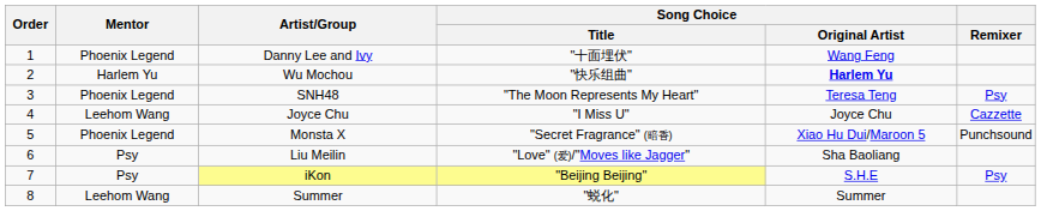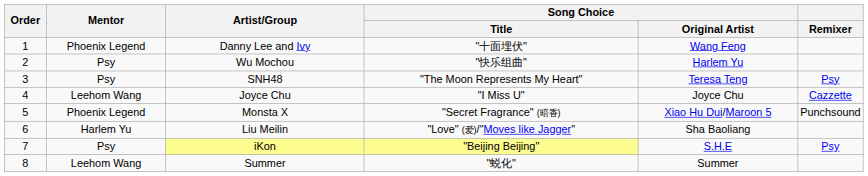 <table class="wikitable" style="text-align:center; line-height:17px; font-size:100%; width:100%;">
 <tr>
 <th scope="col" rowspan="2" width="05%">Order</th>
 <th scope="col" rowspan="2" width="15%">Mentor</th>
 <th scope="col" rowspan="2" width="25%">Artist/Group</th>
 <th scope="col" colspan="2">Song Choice</th>
 <th></th>
 </tr>
 <tr>
 <th scope="col" width="35%">Title</th>
 <th scope="col" width="20%">Original Artist</th>
 <th>Remixer</th>
 </tr>
 <tr>
 <td scope="row">1</td>
 <td scope="row">Phoenix Legend</td>
 <td scope="row">Danny Lee and <a href='#'>Ivy</a></td>
 <td scope="row">"十面埋伏"</td>
 <td scope="row"><a href='#'>Wang Feng</a></td>
 <td></td>
 </tr>
 <tr>
 <td scope="row">2</td>
-<td scope="row">Harlem Yu</td>
+<td scope="row">Psy</td>
 <td scope="row">Wu Mochou</td>
 <td scope="row">"快乐组曲"</td>
-<td scope="row"><strong><a href='#'>Harlem Yu</a></strong></td>
+<td scope="row"><a href='#'>Harlem Yu</a></td>
 <td></td>
 </tr>
 <tr>
 <td scope="row">3</td>
-<td scope="row">Phoenix Legend</td>
+<td scope="row">Psy</td>
 <td scope="row">SNH48</td>
 <td scope="row">"The Moon Represents My Heart"</td>
 <td scope="row"><a href='#'>Teresa Teng</a></td>
 <td><a href='#'>Psy</a></td>
 </tr>
 <tr>
 <td scope="row">4</td>
 <td scope="row">Leehom Wang</td>
 <td scope="row">Joyce Chu</td>
 <td scope="row">"I Miss U"</td>
 <td scope="row">Joyce Chu</td>
 <td><a href='#'>Cazzette</a></td>
 </tr>
 <tr>
 <td scope="row">5</td>
 <td scope="row">Phoenix Legend</td>
 <td scope="row">Monsta X</td>
 <td scope="row">"Secret Fragrance" <small>(暗香)</small></td>
 <td scope="row"><a href='#'>Xiao Hu Dui</a>/<a href='#'>Maroon 5</a></td>
 <td>Punchsound</td>
 </tr>
 <tr>
 <td scope="row">6</td>
-<td scope="row">Psy</td>
+<td scope="row">Harlem Yu</td>
 <td scope="row">Liu Meilin</td>
 <td scope="row">"Love" <small>(爱)</small>/"<a href='#'>Moves like Jagger</a>"</td>
 <td scope="row">Sha Baoliang</td>
 <td></td>
 </tr>
 <tr>
 <td scope="row">7</td>
 <td scope="row">Psy</td>
 <td style="background:#fdfc8f; scope:row">iKon</td>
 <td style="background:#fdfc8f; scope:row">"Beijing Beijing"</td>
 <td scope="row"><a href='#'>S.H.E</a></td>
 <td><a href='#'>Psy</a></td>
 </tr>
 <tr>
 <td scope="row">8</td>
 <td scope="row">Leehom Wang</td>
 <td scope="row">Summer</td>
 <td scope="row">"蜕化"</td>
 <td scope="row">Summer</td>
 <td></td>
 </tr>
 </table>
